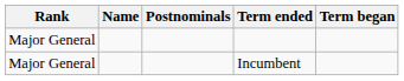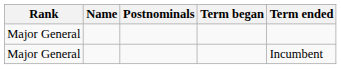 <table class="wikitable sortable">
 <tr>
 <th>Rank</th>
 <th>Name</th>
 <th>Postnominals</th>
+<th>Term began</th>
 <th>Term ended</th>
-<th>Term began</th>
 </tr>
 <tr>
 <td>Major General</td>
 <td></td>
 <td></td>
 <td></td>
 <td></td>
 </tr>
 <tr>
 <td>Major General</td>
 <td></td>
 <td></td>
+<td></td>
 <td>Incumbent</td>
-<td></td>
 </tr>
 </table>
